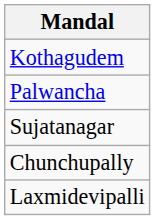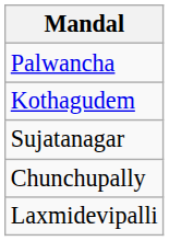 <table class="wikitable sortable static-row-numbers static-row-header-hash">
 <tr>
 <th>Mandal</th>
 </tr>
 <tr>
-<td><a href='#'>Kothagudem</a></td>
+<td><a href='#'>Palwancha</a></td>
 </tr>
 <tr>
-<td><a href='#'>Palwancha</a></td>
+<td><a href='#'>Kothagudem</a></td>
 </tr>
 <tr>
 <td>Sujatanagar</td>
 </tr>
 <tr>
 <td>Chunchupally</td>
 </tr>
 <tr>
 <td>Laxmidevipalli</td>
 </tr>
 </table>
